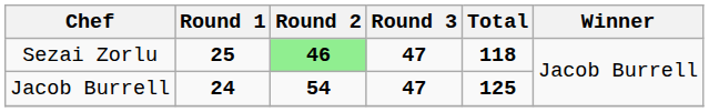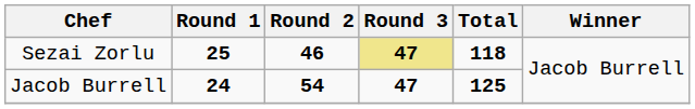 <table class="wikitable"  style="float:left; margin:auto; text-align:center;">
 <tr>
 <th>Chef</th>
 <th>Round 1</th>
 <th>Round 2</th>
 <th>Round 3</th>
 <th>Total</th>
 <th>Winner</th>
 </tr>
 <tr>
 <td>Sezai Zorlu</td>
 <td><strong>25</strong></td>
-<td style="background: lightgreen;"><strong>46</strong></td>
-<td><strong>47</strong></td>
+<td><strong>46</strong></td>
+<td style="background: khaki;"><strong>47</strong></td>
 <td><strong>118</strong></td>
 <td rowspan=2>Jacob Burrell</td>
 </tr>
 <tr>
 <td>Jacob Burrell</td>
 <td><strong>24</strong></td>
 <td><strong>54</strong></td>
 <td><strong>47</strong></td>
 <td><strong>125</strong></td>
 </tr>
 <tr>
 </tr>
 </table>
